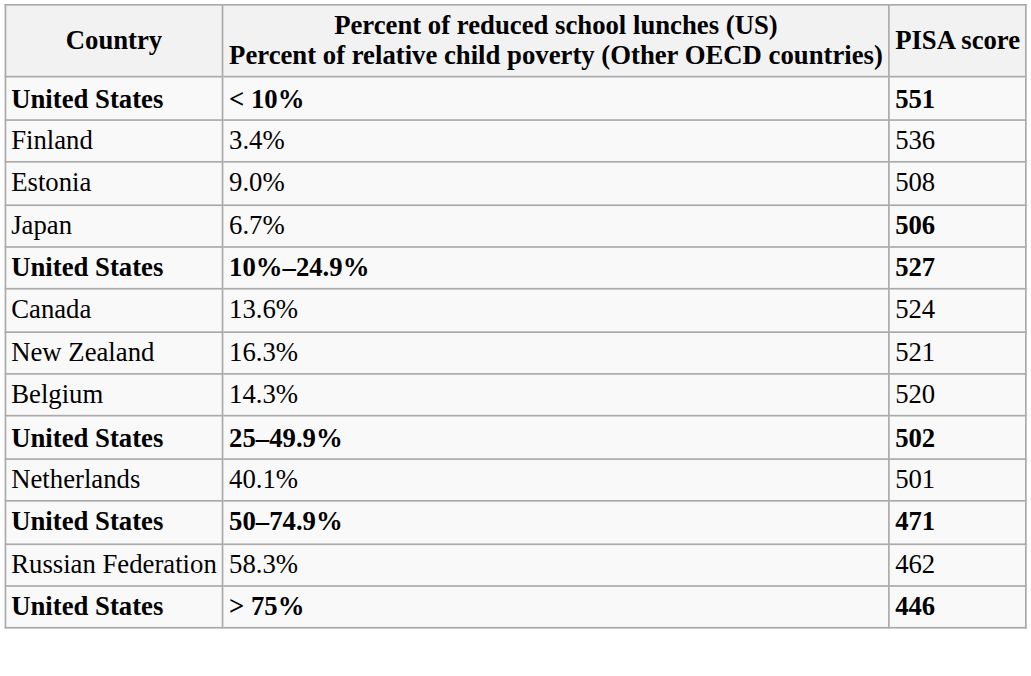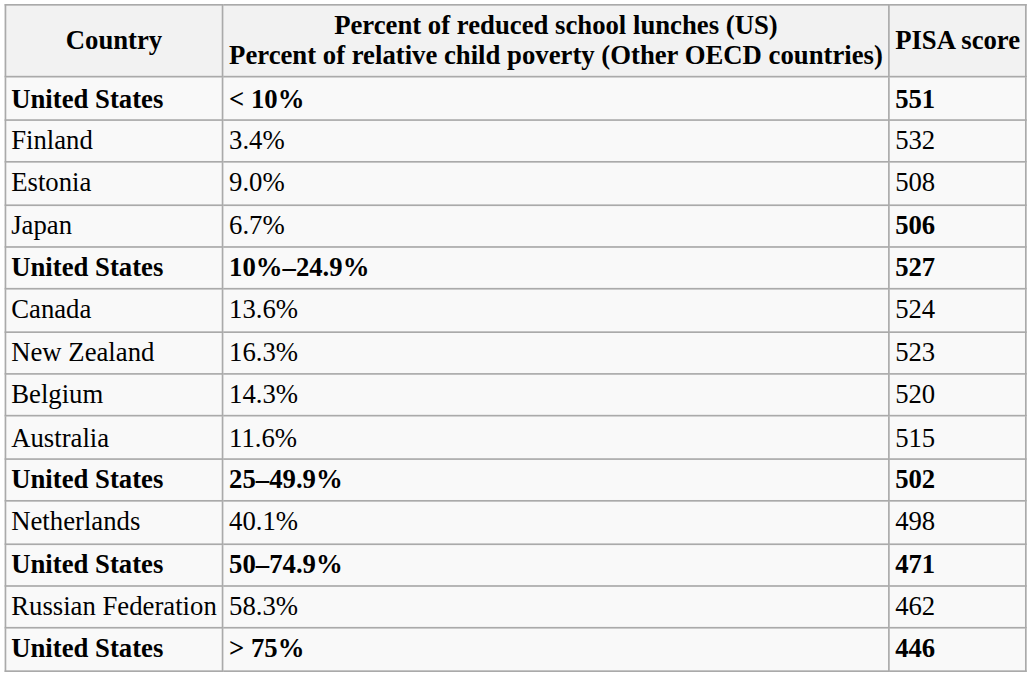 <table class="sortable wikitable" style="margin:auto;"  border="1">
 <tr>
 <th>Country</th>
 <th>Percent of reduced school lunches (US)<br>Percent of relative child poverty  (Other OECD countries)</th>
 <th>PISA score</th>
 </tr>
 <tr>
 <td><strong>United States</strong></td>
 <td><strong>< 10%</strong></td>
 <td><strong>551</strong></td>
 </tr>
 <tr>
 <td>Finland</td>
 <td>3.4%</td>
-<td>536</td>
+<td>532</td>
 </tr>
 <tr>
 <td>Estonia</td>
 <td>9.0%</td>
 <td>508</td>
 </tr>
 <tr>
 <td>Japan</td>
 <td>6.7%</td>
 <td><strong>506</strong></td>
 </tr>
 <tr>
 <td><strong>United States</strong></td>
 <td><strong>10%–24.9%</strong></td>
 <td><strong>527</strong></td>
 </tr>
 <tr>
 <td>Canada</td>
 <td>13.6%</td>
 <td>524</td>
 </tr>
 <tr>
 <td>New Zealand</td>
 <td>16.3%</td>
-<td>521</td>
+<td>523</td>
 </tr>
 <tr>
 <td>Belgium</td>
 <td>14.3%</td>
 <td>520</td>
+</tr>
+<tr>
+<td>Australia</td>
+<td>11.6%</td>
+<td>515</td>
 </tr>
 <tr>
 <td><strong>United States</strong></td>
 <td><strong>25–49.9%</strong></td>
 <td><strong>502</strong></td>
 </tr>
 <tr>
 <td>Netherlands</td>
 <td>40.1%</td>
-<td>501</td>
+<td>498</td>
 </tr>
 <tr>
 <td><strong>United States</strong></td>
 <td><strong>50–74.9%</strong></td>
 <td><strong>471</strong></td>
 </tr>
 <tr>
 <td>Russian Federation</td>
 <td>58.3%</td>
 <td>462</td>
 </tr>
 <tr>
 <td><strong>United States</strong></td>
 <td><strong>> 75%</strong></td>
 <td><strong>446</strong></td>
 </tr>
 </table>
